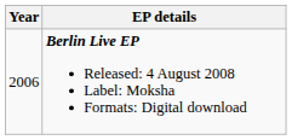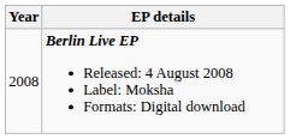 <table class="wikitable">
 <tr>
 <th>Year</th>
 <th style="width:250px;">EP details</th>
 </tr>
 <tr>
-<td>2006</td>
+<td>2008</td>
 <td><strong><em>Berlin Live EP</em></strong><br><ul><li>Released: 4 August 2008</li><li>Label: Moksha</li><li>Formats: Digital download</li></ul></td>
 </tr>
 </table>
